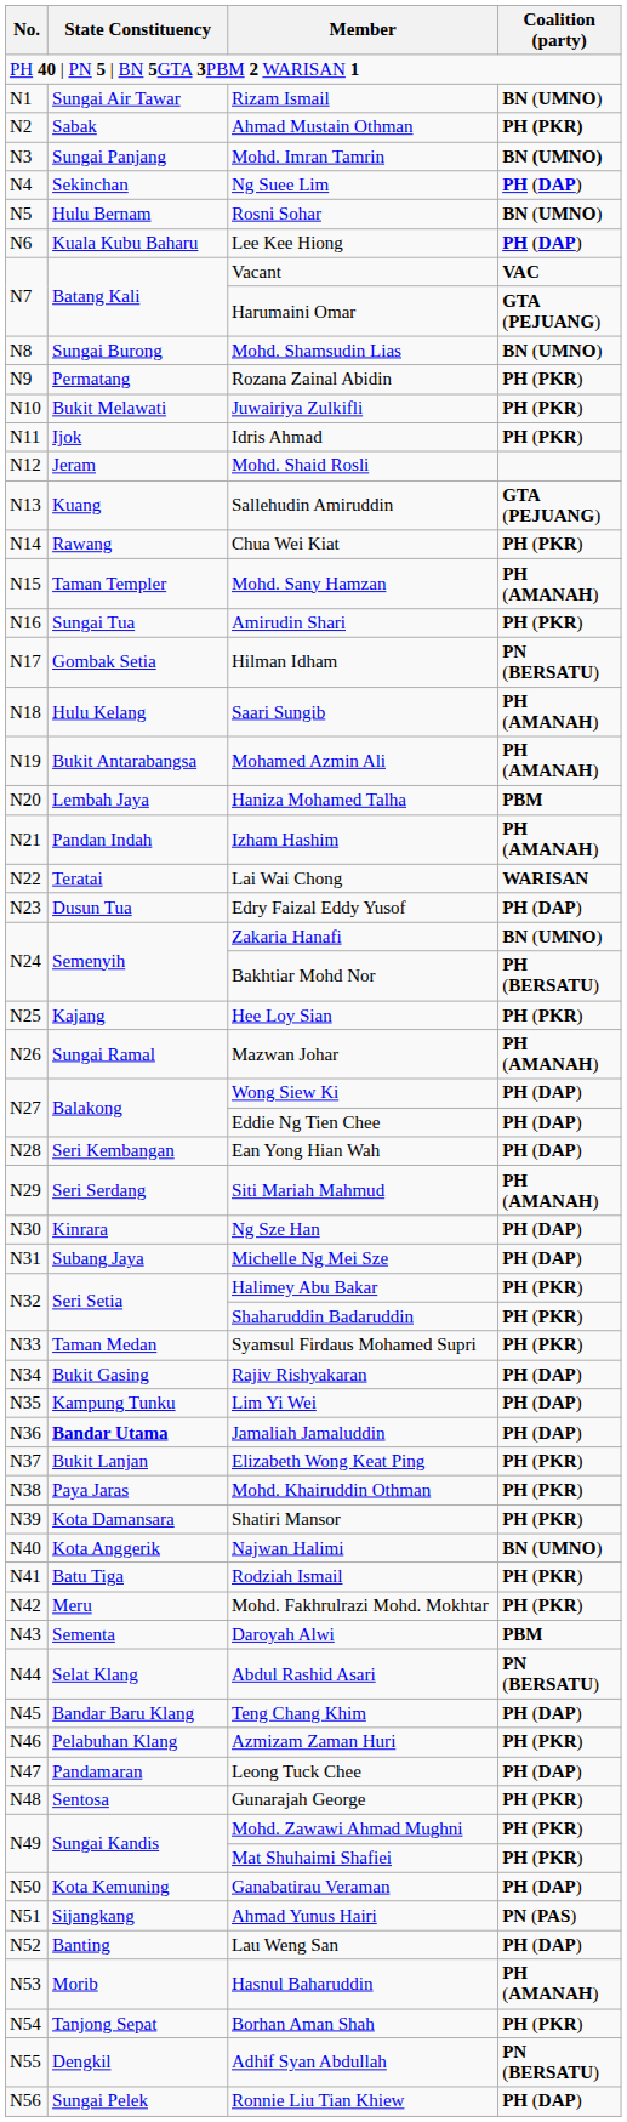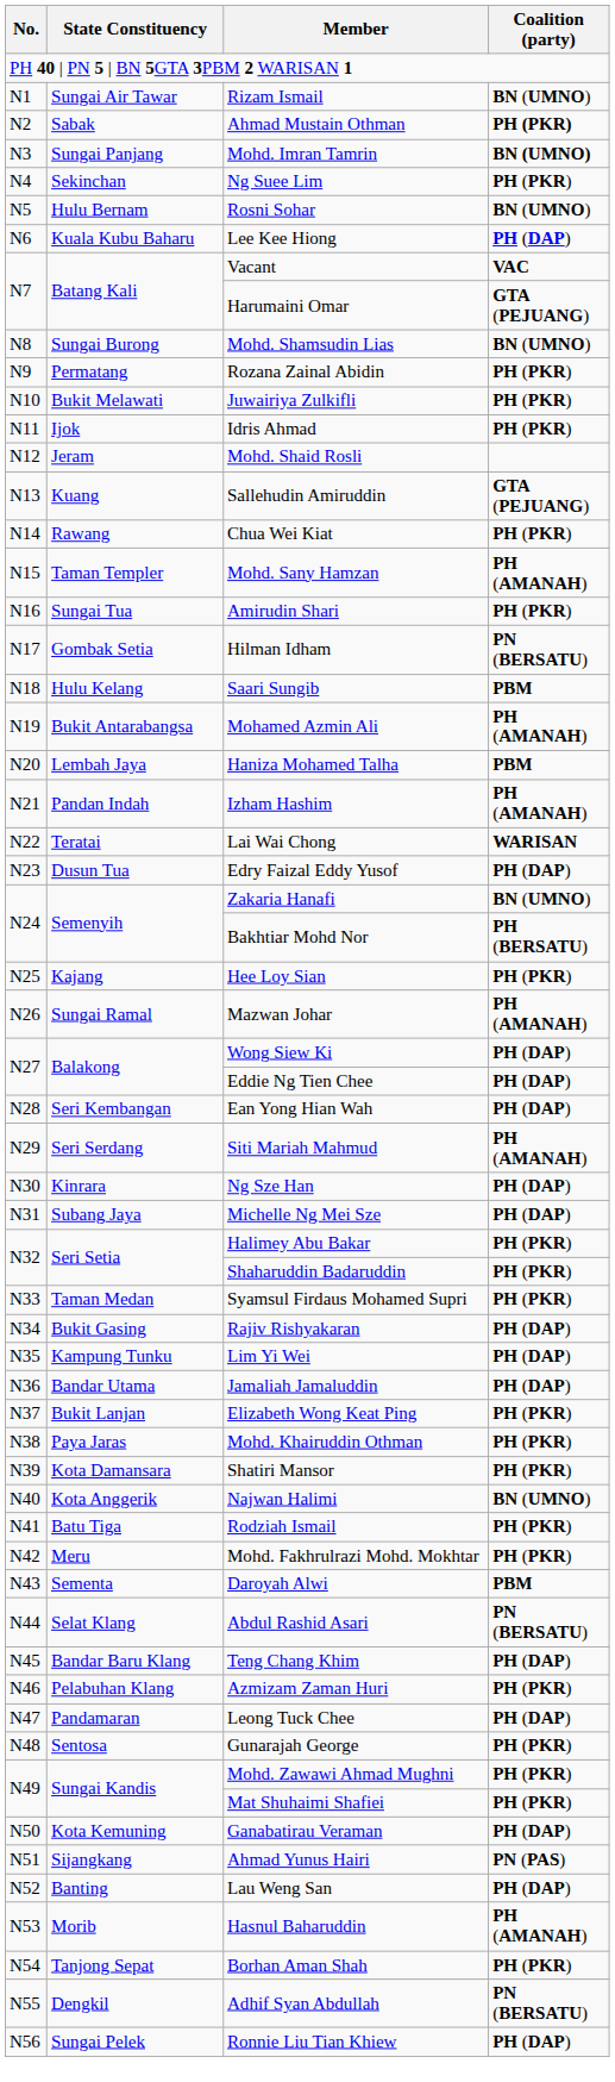 <table class="wikitable sortable">
 <tr>
 <th style="width:30px;">No.</th>
 <th style="width:150px;">State Constituency</th>
 <th style="width:230px;">Member</th>
 <th style="width:100px;">Coalition (party)</th>
 </tr>
 <tr>
 <td colspan="4"><a href='#'>PH</a> <strong>40</strong> | <a href='#'>PN</a> <strong>5</strong> | <a href='#'>BN</a> <strong>5</strong><a href='#'>GTA</a> <strong>3</strong><a href='#'>PBM</a> <strong>2</strong> <a href='#'>WARISAN</a> <strong>1</strong></td>
 </tr>
 <tr>
 <td>N1</td>
 <td><a href='#'>Sungai Air Tawar</a></td>
 <td><a href='#'>Rizam Ismail</a></td>
 <td style="background:"><strong>BN</strong> (<strong>UMNO</strong>)</td>
 </tr>
 <tr>
 <td>N2</td>
 <td><a href='#'>Sabak</a></td>
 <td><a href='#'>Ahmad Mustain Othman</a></td>
 <td style="background:"><strong>PH (PKR)</strong></td>
 </tr>
 <tr>
 <td>N3</td>
 <td><a href='#'>Sungai Panjang</a></td>
 <td><a href='#'>Mohd. Imran Tamrin</a></td>
 <td style="background:"><strong>BN (UMNO)</strong></td>
 </tr>
 <tr>
 <td>N4</td>
 <td><a href='#'>Sekinchan</a></td>
 <td><a href='#'>Ng Suee Lim</a></td>
-<td style="background:"><strong><a href='#'>PH</a></strong> (<strong><a href='#'>DAP</a></strong>)</td>
+<td style="background:"><strong>PH</strong> (<strong>PKR</strong>)</td>
 </tr>
 <tr>
 <td>N5</td>
 <td><a href='#'>Hulu Bernam</a></td>
 <td><a href='#'>Rosni Sohar</a></td>
 <td style="background:"><strong>BN</strong> (<strong>UMNO</strong>)</td>
 </tr>
 <tr>
 <td>N6</td>
 <td><a href='#'>Kuala Kubu Baharu</a></td>
 <td>Lee Kee Hiong</td>
 <td style="background:"><strong><a href='#'>PH</a></strong> (<strong><a href='#'>DAP</a></strong>)</td>
 </tr>
 <tr>
 <td rowspan="2">N7</td>
 <td rowspan="2"><a href='#'>Batang Kali</a></td>
 <td>Vacant</td>
 <td><strong>VAC</strong></td>
 </tr>
 <tr>
 <td>Harumaini Omar </td>
 <td style="background:"><strong>GTA</strong> (<strong>PEJUANG</strong>)</td>
 </tr>
 <tr>
 <td>N8</td>
 <td><a href='#'>Sungai Burong</a></td>
 <td><a href='#'>Mohd. Shamsudin Lias</a></td>
 <td style="background:"><strong>BN</strong> (<strong>UMNO</strong>)</td>
 </tr>
 <tr>
 <td>N9</td>
 <td><a href='#'>Permatang</a></td>
 <td>Rozana Zainal Abidin</td>
 <td style="background:"><strong>PH</strong> (<strong>PKR</strong>)</td>
 </tr>
 <tr>
 <td>N10</td>
 <td><a href='#'>Bukit Melawati</a></td>
 <td><a href='#'>Juwairiya Zulkifli</a></td>
 <td style="background:"><strong>PH</strong> (<strong>PKR</strong>)</td>
 </tr>
 <tr>
 <td>N11</td>
 <td><a href='#'>Ijok</a></td>
 <td>Idris Ahmad</td>
 <td style="background:"><strong>PH</strong> (<strong>PKR</strong>)</td>
 </tr>
 <tr>
 <td>N12</td>
 <td><a href='#'>Jeram</a></td>
 <td><a href='#'>Mohd. Shaid Rosli</a></td>
 <td style="background:"></td>
 </tr>
 <tr>
 <td>N13</td>
 <td><a href='#'>Kuang</a></td>
 <td>Sallehudin Amiruddin</td>
 <td style="background:"><strong>GTA</strong> (<strong>PEJUANG</strong>)</td>
 </tr>
 <tr>
 <td>N14</td>
 <td><a href='#'>Rawang</a></td>
 <td>Chua Wei Kiat</td>
 <td style="background:"><strong>PH</strong> (<strong>PKR</strong>)</td>
 </tr>
 <tr>
 <td>N15</td>
 <td><a href='#'>Taman Templer</a></td>
 <td><a href='#'>Mohd. Sany Hamzan</a></td>
 <td style="background:"><strong>PH</strong> (<strong>AMANAH</strong>)</td>
 </tr>
 <tr>
 <td>N16</td>
 <td><a href='#'>Sungai Tua</a></td>
 <td><a href='#'>Amirudin Shari</a></td>
 <td style="background:"><strong>PH</strong> (<strong>PKR</strong>)</td>
 </tr>
 <tr>
 <td>N17</td>
 <td><a href='#'>Gombak Setia</a></td>
 <td>Hilman Idham</td>
 <td style="background:"><strong>PN</strong> (<strong>BERSATU</strong>)</td>
 </tr>
 <tr>
 <td>N18</td>
 <td><a href='#'>Hulu Kelang</a></td>
 <td><a href='#'>Saari Sungib</a></td>
-<td style="background:"><strong>PH</strong> (<strong>AMANAH</strong>)</td>
+<td style="background:"><strong>PBM</strong></td>
 </tr>
 <tr>
 <td>N19</td>
 <td><a href='#'>Bukit Antarabangsa</a></td>
 <td><a href='#'>Mohamed Azmin Ali</a></td>
 <td style="background:"><strong>PH</strong> (<strong>AMANAH</strong>)</td>
 </tr>
 <tr>
 <td>N20</td>
 <td><a href='#'>Lembah Jaya</a></td>
 <td><a href='#'>Haniza Mohamed Talha</a></td>
 <td style="background:"><strong>PBM</strong></td>
 </tr>
 <tr>
 <td>N21</td>
 <td><a href='#'>Pandan Indah</a></td>
 <td><a href='#'>Izham Hashim</a></td>
 <td style="background:"><strong>PH</strong> (<strong>AMANAH</strong>)</td>
 </tr>
 <tr>
 <td>N22</td>
 <td><a href='#'>Teratai</a></td>
 <td>Lai Wai Chong</td>
 <td style="background:"><strong>WARISAN</strong></td>
 </tr>
 <tr>
 <td>N23</td>
 <td><a href='#'>Dusun Tua</a></td>
 <td>Edry Faizal Eddy Yusof</td>
 <td style="background:"><strong>PH</strong> (<strong>DAP</strong>)</td>
 </tr>
 <tr>
 <td rowspan="2">N24</td>
 <td rowspan="2"><a href='#'>Semenyih</a></td>
 <td><a href='#'>Zakaria Hanafi</a> </td>
 <td style="background:"><strong>BN</strong> (<strong>UMNO</strong>)</td>
 </tr>
 <tr>
 <td>Bakhtiar Mohd Nor </td>
 <td style="background:"><strong>PH</strong> (<strong>BERSATU</strong>)</td>
 </tr>
 <tr>
 <td>N25</td>
 <td><a href='#'>Kajang</a></td>
 <td><a href='#'>Hee Loy Sian</a></td>
 <td style="background:"><strong>PH</strong> (<strong>PKR</strong>)</td>
 </tr>
 <tr>
 <td>N26</td>
 <td><a href='#'>Sungai Ramal</a></td>
 <td>Mazwan Johar</td>
 <td style="background:"><strong>PH</strong> (<strong>AMANAH</strong>)</td>
 </tr>
 <tr>
 <td rowspan="2">N27</td>
 <td rowspan="2"><a href='#'>Balakong</a></td>
 <td><a href='#'>Wong Siew Ki</a> </td>
 <td style="background:"><strong>PH</strong> (<strong>DAP</strong>)</td>
 </tr>
 <tr>
 <td>Eddie Ng Tien Chee </td>
 <td style="background:"><strong>PH</strong> (<strong>DAP</strong>)</td>
 </tr>
 <tr>
 <td>N28</td>
 <td><a href='#'>Seri Kembangan</a></td>
 <td>Ean Yong Hian Wah</td>
 <td style="background:"><strong>PH</strong> (<strong>DAP</strong>)</td>
 </tr>
 <tr>
 <td>N29</td>
 <td><a href='#'>Seri Serdang</a></td>
 <td><a href='#'>Siti Mariah Mahmud</a></td>
 <td style="background:"><strong>PH</strong> (<strong>AMANAH</strong>)</td>
 </tr>
 <tr>
 <td>N30</td>
 <td><a href='#'>Kinrara</a></td>
 <td><a href='#'>Ng Sze Han</a></td>
 <td style="background:"><strong>PH</strong> (<strong>DAP</strong>)</td>
 </tr>
 <tr>
 <td>N31</td>
 <td><a href='#'>Subang Jaya</a></td>
 <td><a href='#'>Michelle Ng Mei Sze</a></td>
 <td style="background:"><strong>PH</strong> (<strong>DAP</strong>)</td>
 </tr>
 <tr>
 <td rowspan="2">N32</td>
 <td rowspan="2"><a href='#'>Seri Setia</a></td>
 <td><a href='#'>Halimey Abu Bakar</a> </td>
 <td style="background:"><strong>PH</strong> (<strong>PKR</strong>)</td>
 </tr>
 <tr>
 <td><a href='#'>Shaharuddin Badaruddin</a> </td>
 <td style="background:"><strong>PH</strong> (<strong>PKR</strong>)</td>
 </tr>
 <tr>
 <td>N33</td>
 <td><a href='#'>Taman Medan</a></td>
 <td>Syamsul Firdaus Mohamed Supri</td>
 <td style="background:"><strong>PH</strong> (<strong>PKR</strong>)</td>
 </tr>
 <tr>
 <td>N34</td>
 <td><a href='#'>Bukit Gasing</a></td>
 <td><a href='#'>Rajiv Rishyakaran</a></td>
 <td style="background:"><strong>PH</strong> (<strong>DAP</strong>)</td>
 </tr>
 <tr>
 <td>N35</td>
 <td><a href='#'>Kampung Tunku</a></td>
 <td><a href='#'>Lim Yi Wei</a></td>
 <td style="background:"><strong>PH</strong> (<strong>DAP</strong>)</td>
 </tr>
 <tr>
 <td>N36</td>
-<td><strong><a href='#'>Bandar Utama</a></strong></td>
+<td><a href='#'>Bandar Utama</a></td>
 <td><a href='#'>Jamaliah Jamaluddin</a></td>
 <td style="background:"><strong>PH</strong> (<strong>DAP</strong>)</td>
 </tr>
 <tr>
 <td>N37</td>
 <td><a href='#'>Bukit Lanjan</a></td>
 <td><a href='#'>Elizabeth Wong Keat Ping</a></td>
 <td style="background:"><strong>PH</strong> (<strong>PKR</strong>)</td>
 </tr>
 <tr>
 <td>N38</td>
 <td><a href='#'>Paya Jaras</a></td>
 <td><a href='#'>Mohd. Khairuddin Othman</a></td>
 <td style="background:"><strong>PH</strong> (<strong>PKR</strong>)</td>
 </tr>
 <tr>
 <td>N39</td>
 <td><a href='#'>Kota Damansara</a></td>
 <td>Shatiri Mansor</td>
 <td style="background:"><strong>PH</strong> (<strong>PKR</strong>)</td>
 </tr>
 <tr>
 <td>N40</td>
 <td><a href='#'>Kota Anggerik</a></td>
 <td><a href='#'>Najwan Halimi</a></td>
 <td style="background:"><strong>BN</strong> (<strong>UMNO</strong>)</td>
 </tr>
 <tr>
 <td>N41</td>
 <td><a href='#'>Batu Tiga</a></td>
 <td><a href='#'>Rodziah Ismail</a></td>
 <td style="background:"><strong>PH</strong> (<strong>PKR</strong>)</td>
 </tr>
 <tr>
 <td>N42</td>
 <td><a href='#'>Meru</a></td>
 <td>Mohd. Fakhrulrazi Mohd. Mokhtar</td>
 <td style="background:"><strong>PH</strong> (<strong>PKR</strong>)</td>
 </tr>
 <tr>
 <td>N43</td>
 <td><a href='#'>Sementa</a></td>
 <td><a href='#'>Daroyah Alwi</a></td>
 <td style="background:"><strong>PBM</strong></td>
 </tr>
 <tr>
 <td>N44</td>
 <td><a href='#'>Selat Klang</a></td>
 <td><a href='#'>Abdul Rashid Asari</a></td>
 <td style="background:"><strong>PN</strong> (<strong>BERSATU</strong>)</td>
 </tr>
 <tr>
 <td>N45</td>
 <td><a href='#'>Bandar Baru Klang</a></td>
 <td><a href='#'>Teng Chang Khim</a></td>
 <td style="background:"><strong>PH</strong> (<strong>DAP</strong>)</td>
 </tr>
 <tr>
 <td>N46</td>
 <td><a href='#'>Pelabuhan Klang</a></td>
 <td><a href='#'>Azmizam Zaman Huri</a></td>
 <td style="background:"><strong>PH</strong> (<strong>PKR</strong>)</td>
 </tr>
 <tr>
 <td>N47</td>
 <td><a href='#'>Pandamaran</a></td>
 <td>Leong Tuck Chee</td>
 <td style="background:"><strong>PH</strong> (<strong>DAP</strong>)</td>
 </tr>
 <tr>
 <td>N48</td>
 <td><a href='#'>Sentosa</a></td>
 <td>Gunarajah George</td>
 <td style="background:"><strong>PH</strong> (<strong>PKR</strong>)</td>
 </tr>
 <tr>
 <td rowspan="2">N49</td>
 <td rowspan="2"><a href='#'>Sungai Kandis</a></td>
 <td><a href='#'>Mohd. Zawawi Ahmad Mughni</a></td>
 <td style="background:"><strong>PH</strong> (<strong>PKR</strong>)</td>
 </tr>
 <tr>
 <td><a href='#'>Mat Shuhaimi Shafiei</a> </td>
 <td style="background:"><strong>PH</strong> (<strong>PKR</strong>)</td>
 </tr>
 <tr>
 <td>N50</td>
 <td><a href='#'>Kota Kemuning</a></td>
 <td><a href='#'>Ganabatirau Veraman</a></td>
 <td style="background:"><strong>PH</strong> (<strong>DAP</strong>)</td>
 </tr>
 <tr>
 <td>N51</td>
 <td><a href='#'>Sijangkang</a></td>
 <td><a href='#'>Ahmad Yunus Hairi</a></td>
 <td style="background:"><strong>PN</strong> (<strong>PAS</strong>)</td>
 </tr>
 <tr>
 <td>N52</td>
 <td><a href='#'>Banting</a></td>
 <td>Lau Weng San</td>
 <td style="background:"><strong>PH</strong> (<strong>DAP</strong>)</td>
 </tr>
 <tr>
 <td>N53</td>
 <td><a href='#'>Morib</a></td>
 <td><a href='#'>Hasnul Baharuddin</a></td>
 <td style="background:"><strong>PH</strong> (<strong>AMANAH</strong>)</td>
 </tr>
 <tr>
 <td>N54</td>
 <td><a href='#'>Tanjong Sepat</a></td>
 <td><a href='#'>Borhan Aman Shah</a></td>
 <td style="background:"><strong>PH</strong> (<strong>PKR</strong>)</td>
 </tr>
 <tr>
 <td>N55</td>
 <td><a href='#'>Dengkil</a></td>
 <td><a href='#'>Adhif Syan Abdullah</a></td>
 <td style="background:"><strong>PN</strong> (<strong>BERSATU</strong>)</td>
 </tr>
 <tr>
 <td>N56</td>
 <td><a href='#'>Sungai Pelek</a></td>
 <td><a href='#'>Ronnie Liu Tian Khiew</a></td>
 <td style="background:"><strong>PH</strong> (<strong>DAP</strong>)</td>
 </tr>
 </table>
